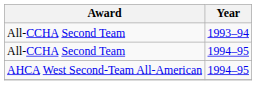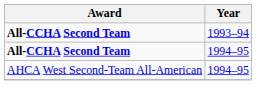 <table class="wikitable">
 <tr>
 <th>Award</th>
 <th>Year</th>
 </tr>
 <tr>
-<td>All-<a href='#'>CCHA</a> <a href='#'>Second Team</a></td>
+<td><strong>All-<a href='#'>CCHA</a> <a href='#'>Second Team</a></strong></td>
 <td><a href='#'>1993–94</a></td>
 </tr>
 <tr>
-<td>All-<a href='#'>CCHA</a> <a href='#'>Second Team</a></td>
+<td><strong>All-<a href='#'>CCHA</a> <a href='#'>Second Team</a></strong></td>
 <td><a href='#'>1994–95</a></td>
 </tr>
 <tr>
 <td><a href='#'>AHCA</a> <a href='#'>West Second-Team All-American</a></td>
 <td><a href='#'>1994–95</a></td>
 </tr>
 <tr>
 </tr>
 </table>
